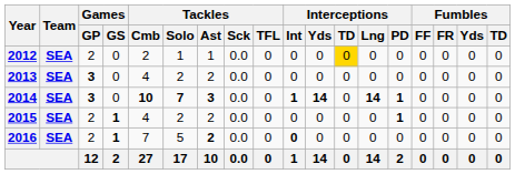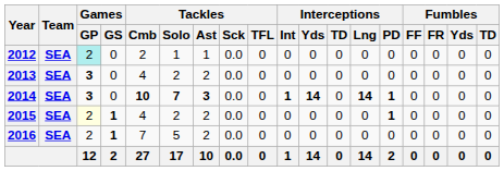 <table class="wikitable" style="text-align:center">
 <tr>
 <th rowspan="2">Year</th>
 <th rowspan="2">Team</th>
 <th colspan="2">Games</th>
 <th colspan="5">Tackles</th>
 <th colspan="5">Interceptions</th>
 <th colspan="4">Fumbles</th>
 </tr>
 <tr>
 <th>GP</th>
 <th>GS</th>
 <th>Cmb</th>
 <th>Solo</th>
 <th>Ast</th>
 <th>Sck</th>
 <th>TFL</th>
 <th>Int</th>
 <th>Yds</th>
 <th>TD</th>
 <th>Lng</th>
 <th>PD</th>
 <th>FF</th>
 <th>FR</th>
 <th>Yds</th>
 <th>TD</th>
 </tr>
 <tr>
 <th><a href='#'>2012</a></th>
 <th><a href='#'>SEA</a></th>
-<td>2</td>
+<td style="background: paleturquoise;">2</td>
 <td>0</td>
 <td>2</td>
 <td>1</td>
 <td>1</td>
 <td>0.0</td>
 <td>0</td>
 <td>0</td>
 <td>0</td>
-<td style="background: gold;">0</td>
+<td>0</td>
 <td>0</td>
 <td>0</td>
 <td>0</td>
 <td>0</td>
 <td>0</td>
 <td>0</td>
 </tr>
 <tr>
 <th><a href='#'>2013</a></th>
 <th><a href='#'>SEA</a></th>
 <td><strong>3</strong></td>
 <td>0</td>
 <td>4</td>
 <td>2</td>
 <td>2</td>
 <td>0.0</td>
 <td>0</td>
 <td>0</td>
 <td>0</td>
 <td>0</td>
 <td>0</td>
 <td>0</td>
 <td>0</td>
 <td>0</td>
 <td>0</td>
 <td>0</td>
 </tr>
 <tr>
 <th><a href='#'>2014</a></th>
 <th><a href='#'>SEA</a></th>
 <td><strong>3</strong></td>
 <td>0</td>
 <td><strong>10</strong></td>
 <td><strong>7</strong></td>
 <td><strong>3</strong></td>
 <td>0.0</td>
 <td>0</td>
 <td><strong>1</strong></td>
 <td><strong>14</strong></td>
 <td>0</td>
 <td><strong>14</strong></td>
 <td><strong>1</strong></td>
 <td>0</td>
 <td>0</td>
 <td>0</td>
 <td>0</td>
 </tr>
 <tr>
 <th><a href='#'>2015</a></th>
 <th><a href='#'>SEA</a></th>
-<td>2</td>
+<td style="background: lightyellow;">2</td>
 <td><strong>1</strong></td>
 <td>4</td>
 <td>2</td>
 <td>2</td>
 <td>0.0</td>
 <td>0</td>
 <td>0</td>
 <td>0</td>
 <td>0</td>
 <td>0</td>
 <td><strong>1</strong></td>
 <td>0</td>
 <td>0</td>
 <td>0</td>
 <td>0</td>
 </tr>
 <tr>
 <th><a href='#'>2016</a></th>
 <th><a href='#'>SEA</a></th>
 <td>2</td>
 <td><strong>1</strong></td>
 <td>7</td>
 <td>5</td>
-<td><strong>2</strong></td>
+<td>2</td>
 <td>0.0</td>
 <td>0</td>
-<td><strong>0</strong></td>
+<td>0</td>
 <td>0</td>
 <td>0</td>
 <td>0</td>
 <td>0</td>
 <td>0</td>
 <td>0</td>
 <td>0</td>
 <td>0</td>
 </tr>
 <tr>
 <th colspan="2"></th>
 <th>12</th>
 <th>2</th>
 <th>27</th>
 <th>17</th>
 <th>10</th>
 <th>0.0</th>
 <th>0</th>
 <th>1</th>
 <th>14</th>
 <th>0</th>
 <th>14</th>
 <th>2</th>
 <th>0</th>
 <th>0</th>
 <th>0</th>
 <th>0</th>
 </tr>
 </table>
